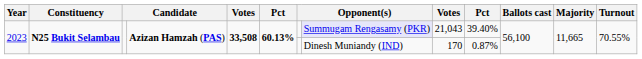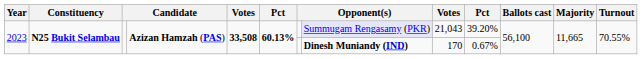 <table class="wikitable" style="margin:0.5em ; font-size:95%">
 <tr>
 <th>Year</th>
 <th>Constituency</th>
 <th colspan=2>Candidate</th>
 <th>Votes</th>
 <th>Pct</th>
 <th colspan=2>Opponent(s)</th>
 <th>Votes</th>
 <th>Pct</th>
 <th>Ballots cast</th>
 <th>Majority</th>
 <th>Turnout</th>
 </tr>
 <tr>
 <td rowspan=2><a href='#'>2023</a></td>
 <td rowspan=2><strong>N25 <a href='#'>Bukit Selambau</a></strong></td>
 <td rowspan=2 bgcolor=></td>
 <td rowspan=2><strong>Azizan Hamzah</strong> (<a href='#'><strong>PAS</strong></a>)</td>
 <td rowspan=2 style="text-align:right;"><strong>33,508</strong></td>
 <td rowspan=2><strong>60.13%</strong></td>
 <td></td>
 <td style="background: lavender;"><a href='#'>Summugam Rengasamy</a> (<a href='#'>PKR</a>)</td>
 <td style="text-align:right;">21,043</td>
-<td>39.40%</td>
+<td>39.20%</td>
 <td rowspan=2>56,100</td>
 <td rowspan=2>11,665</td>
 <td rowspan=2>70.55%</td>
 </tr>
 <tr>
 <td></td>
-<td>Dinesh Muniandy (<a href='#'>IND</a>)</td>
+<td><strong>Dinesh Muniandy (<a href='#'>IND</a>)</strong></td>
 <td style="text-align:right;">170</td>
-<td style="text-align:right;">0.87%</td>
+<td style="text-align:right;">0.67%</td>
 </tr>
 </table>
